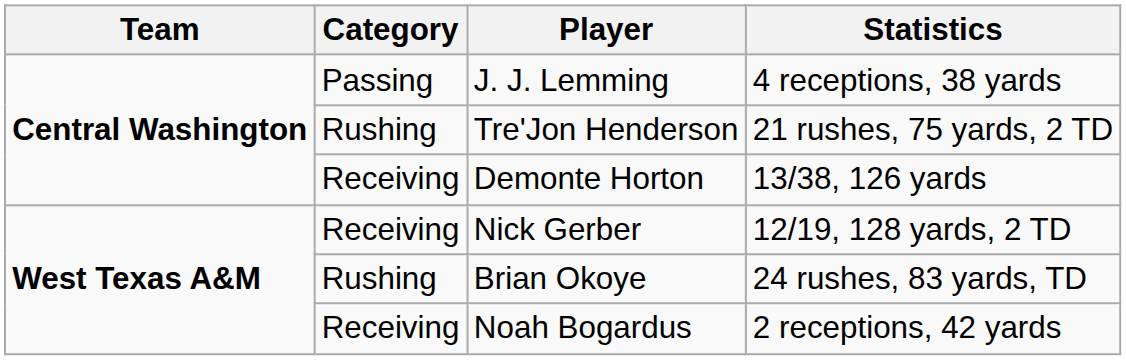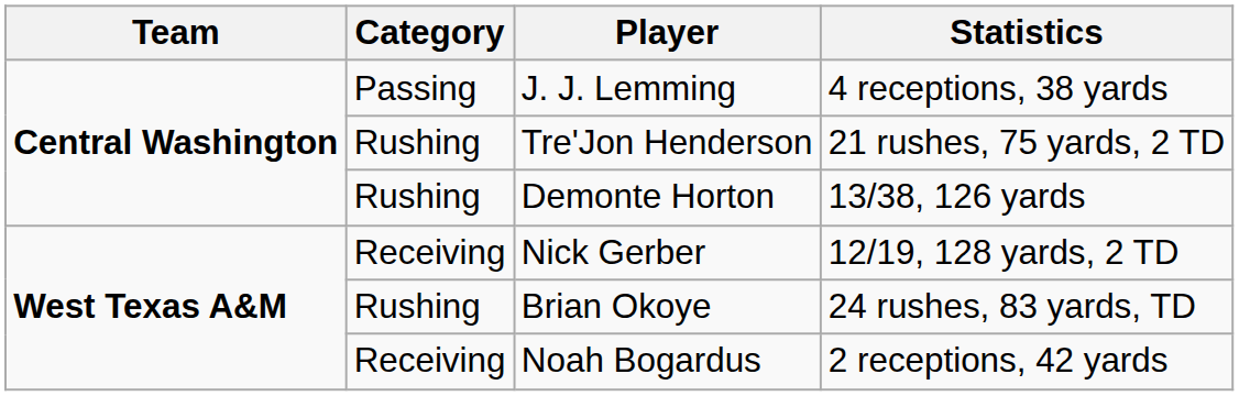 <table class="wikitable" style="float: left;">
 <tr>
 <th>Team</th>
 <th>Category</th>
 <th>Player</th>
 <th>Statistics</th>
 </tr>
 <tr>
 <td rowspan=3><strong>Central Washington</strong></td>
 <td>Passing</td>
 <td>J. J. Lemming</td>
 <td>4 receptions, 38 yards</td>
 </tr>
 <tr>
 <td>Rushing</td>
 <td>Tre'Jon Henderson</td>
 <td>21 rushes, 75 yards, 2 TD</td>
 </tr>
 <tr>
-<td>Receiving</td>
+<td>Rushing</td>
 <td>Demonte Horton</td>
 <td>13/38, 126 yards</td>
 </tr>
 <tr>
 <td rowspan=3><strong>West Texas A&M</strong></td>
 <td>Receiving</td>
 <td>Nick Gerber</td>
 <td>12/19, 128 yards, 2 TD</td>
 </tr>
 <tr>
 <td>Rushing</td>
 <td>Brian Okoye</td>
 <td>24 rushes, 83 yards, TD</td>
 </tr>
 <tr>
 <td>Receiving</td>
 <td>Noah Bogardus</td>
 <td>2 receptions, 42 yards</td>
 </tr>
 </table>
